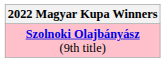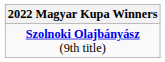 <table class=wikitable style="text-align:center; margin:auto">
 <tr>
 <th>2022 Magyar Kupa Winners</th>
 </tr>
 <tr>
-<td style="background: pink;"><strong><a href='#'>Szolnoki Olajbányász</a></strong><br>(9th title)</td>
+<td><strong><a href='#'>Szolnoki Olajbányász</a></strong><br>(9th title)</td>
 </tr>
 </table>
